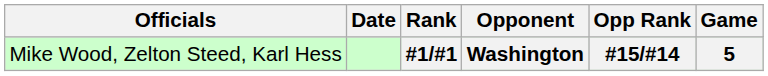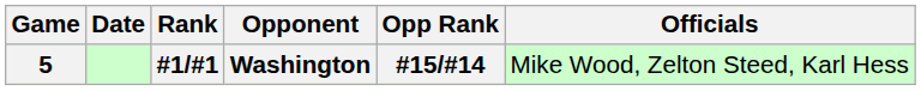 <table class="wikitable">
 <tr>
-<th>Officials</th>
+<th>Game</th>
 <th>Date</th>
 <th>Rank</th>
 <th>Opponent</th>
 <th>Opp Rank</th>
-<th>Game</th>
+<th>Officials</th>
 </tr>
 <tr align="center" bgcolor="#ccffcc">
-<td>Mike Wood, Zelton Steed, Karl Hess</td>
+<th>5</th>
 <td></td>
 <th>#1/#1</th>
 <th>Washington</th>
 <th>#15/#14</th>
-<th>5</th>
+<td>Mike Wood, Zelton Steed, Karl Hess</td>
 </tr>
 </table>
